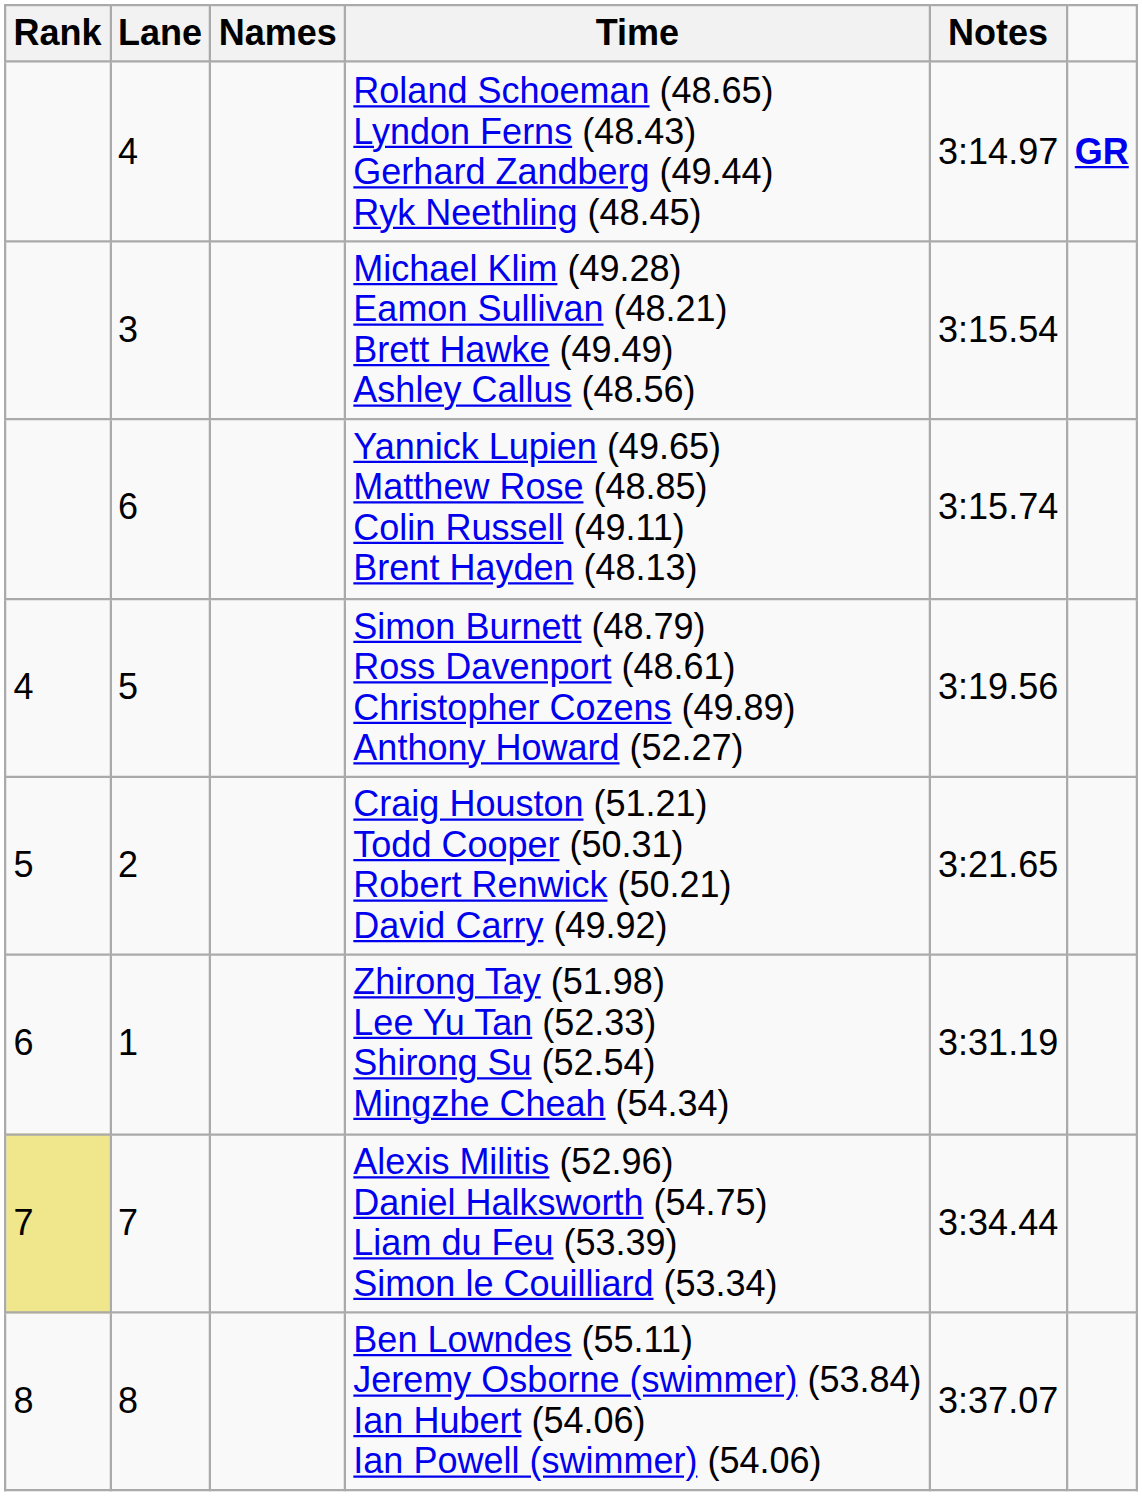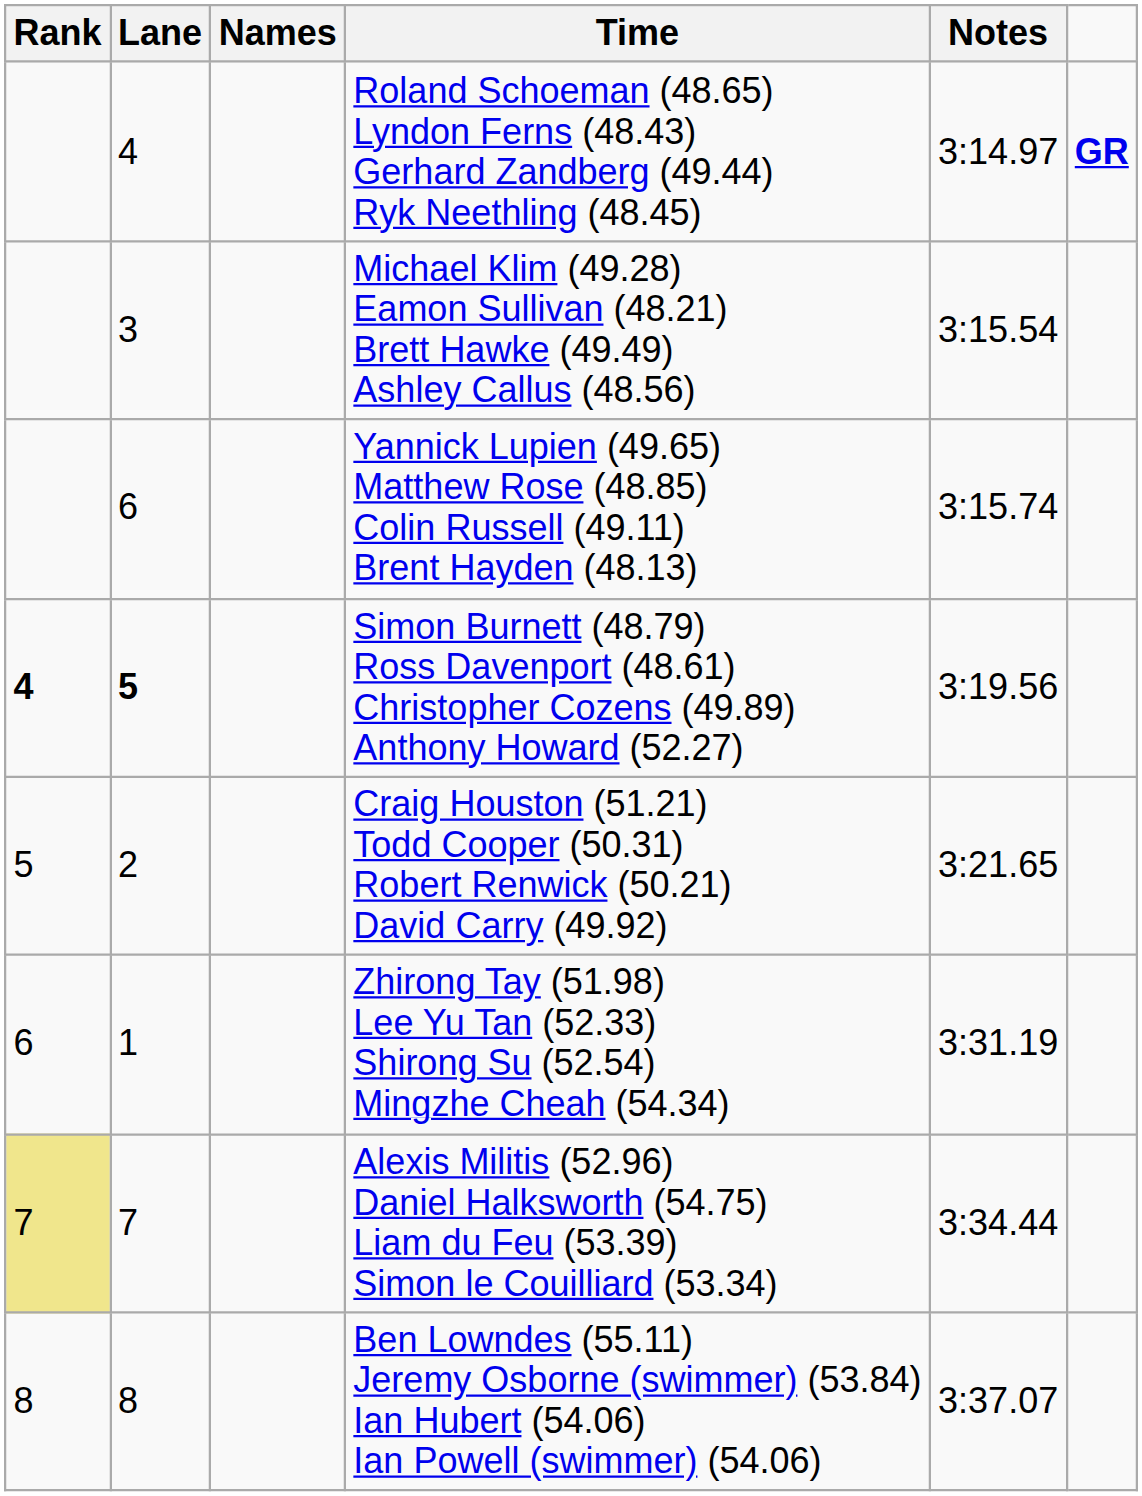 <table class="wikitable">
 <tr>
 <th>Rank</th>
 <th>Lane</th>
 <th>Names</th>
 <th>Time</th>
 <th>Notes</th>
 </tr>
 <tr>
 <td></td>
 <td>4</td>
 <td align=left></td>
 <td align=left><a href='#'>Roland Schoeman</a> (48.65)<br><a href='#'>Lyndon Ferns</a> (48.43)<br><a href='#'>Gerhard Zandberg</a> (49.44)<br><a href='#'>Ryk Neethling</a> (48.45)</td>
 <td>3:14.97</td>
 <td><strong><a href='#'>GR</a></strong></td>
 </tr>
 <tr>
 <td></td>
 <td>3</td>
 <td align=left></td>
 <td align=left><a href='#'>Michael Klim</a> (49.28)<br><a href='#'>Eamon Sullivan</a> (48.21)<br><a href='#'>Brett Hawke</a> (49.49)<br><a href='#'>Ashley Callus</a> (48.56)</td>
 <td>3:15.54</td>
 <td></td>
 </tr>
 <tr>
 <td></td>
 <td>6</td>
 <td align=left></td>
 <td align=left><a href='#'>Yannick Lupien</a> (49.65)<br><a href='#'>Matthew Rose</a> (48.85)<br><a href='#'>Colin Russell</a> (49.11)<br><a href='#'>Brent Hayden</a> (48.13)</td>
 <td>3:15.74</td>
 <td></td>
 </tr>
 <tr>
-<td>4</td>
-<td>5</td>
+<td><strong>4</strong></td>
+<td><strong>5</strong></td>
 <td align=left></td>
 <td align=left><a href='#'>Simon Burnett</a> (48.79)<br><a href='#'>Ross Davenport</a> (48.61)<br><a href='#'>Christopher Cozens</a> (49.89)<br><a href='#'>Anthony Howard</a> (52.27)</td>
 <td>3:19.56</td>
 <td></td>
 </tr>
 <tr>
 <td>5</td>
 <td>2</td>
 <td align=left></td>
 <td align=left><a href='#'>Craig Houston</a> (51.21)<br><a href='#'>Todd Cooper</a> (50.31)<br><a href='#'>Robert Renwick</a> (50.21)<br><a href='#'>David Carry</a> (49.92)</td>
 <td>3:21.65</td>
 <td></td>
 </tr>
 <tr>
 <td>6</td>
 <td>1</td>
 <td align=left></td>
 <td align=left><a href='#'>Zhirong Tay</a> (51.98)<br><a href='#'>Lee Yu Tan</a> (52.33)<br><a href='#'>Shirong Su</a> (52.54)<br><a href='#'>Mingzhe Cheah</a> (54.34)</td>
 <td>3:31.19</td>
 <td></td>
 </tr>
 <tr>
 <td style="background: khaki;">7</td>
 <td>7</td>
 <td align=left></td>
 <td align=left><a href='#'>Alexis Militis</a> (52.96)<br><a href='#'>Daniel Halksworth</a> (54.75)<br><a href='#'>Liam du Feu</a> (53.39)<br><a href='#'>Simon le Couilliard</a> (53.34)</td>
 <td>3:34.44</td>
 <td></td>
 </tr>
 <tr>
 <td>8</td>
 <td>8</td>
 <td align=left></td>
 <td align=left><a href='#'>Ben Lowndes</a> (55.11)<br><a href='#'>Jeremy Osborne (swimmer)</a> (53.84)<br><a href='#'>Ian Hubert</a> (54.06)<br><a href='#'>Ian Powell (swimmer)</a> (54.06)</td>
 <td>3:37.07</td>
 <td></td>
 </tr>
 </table>
